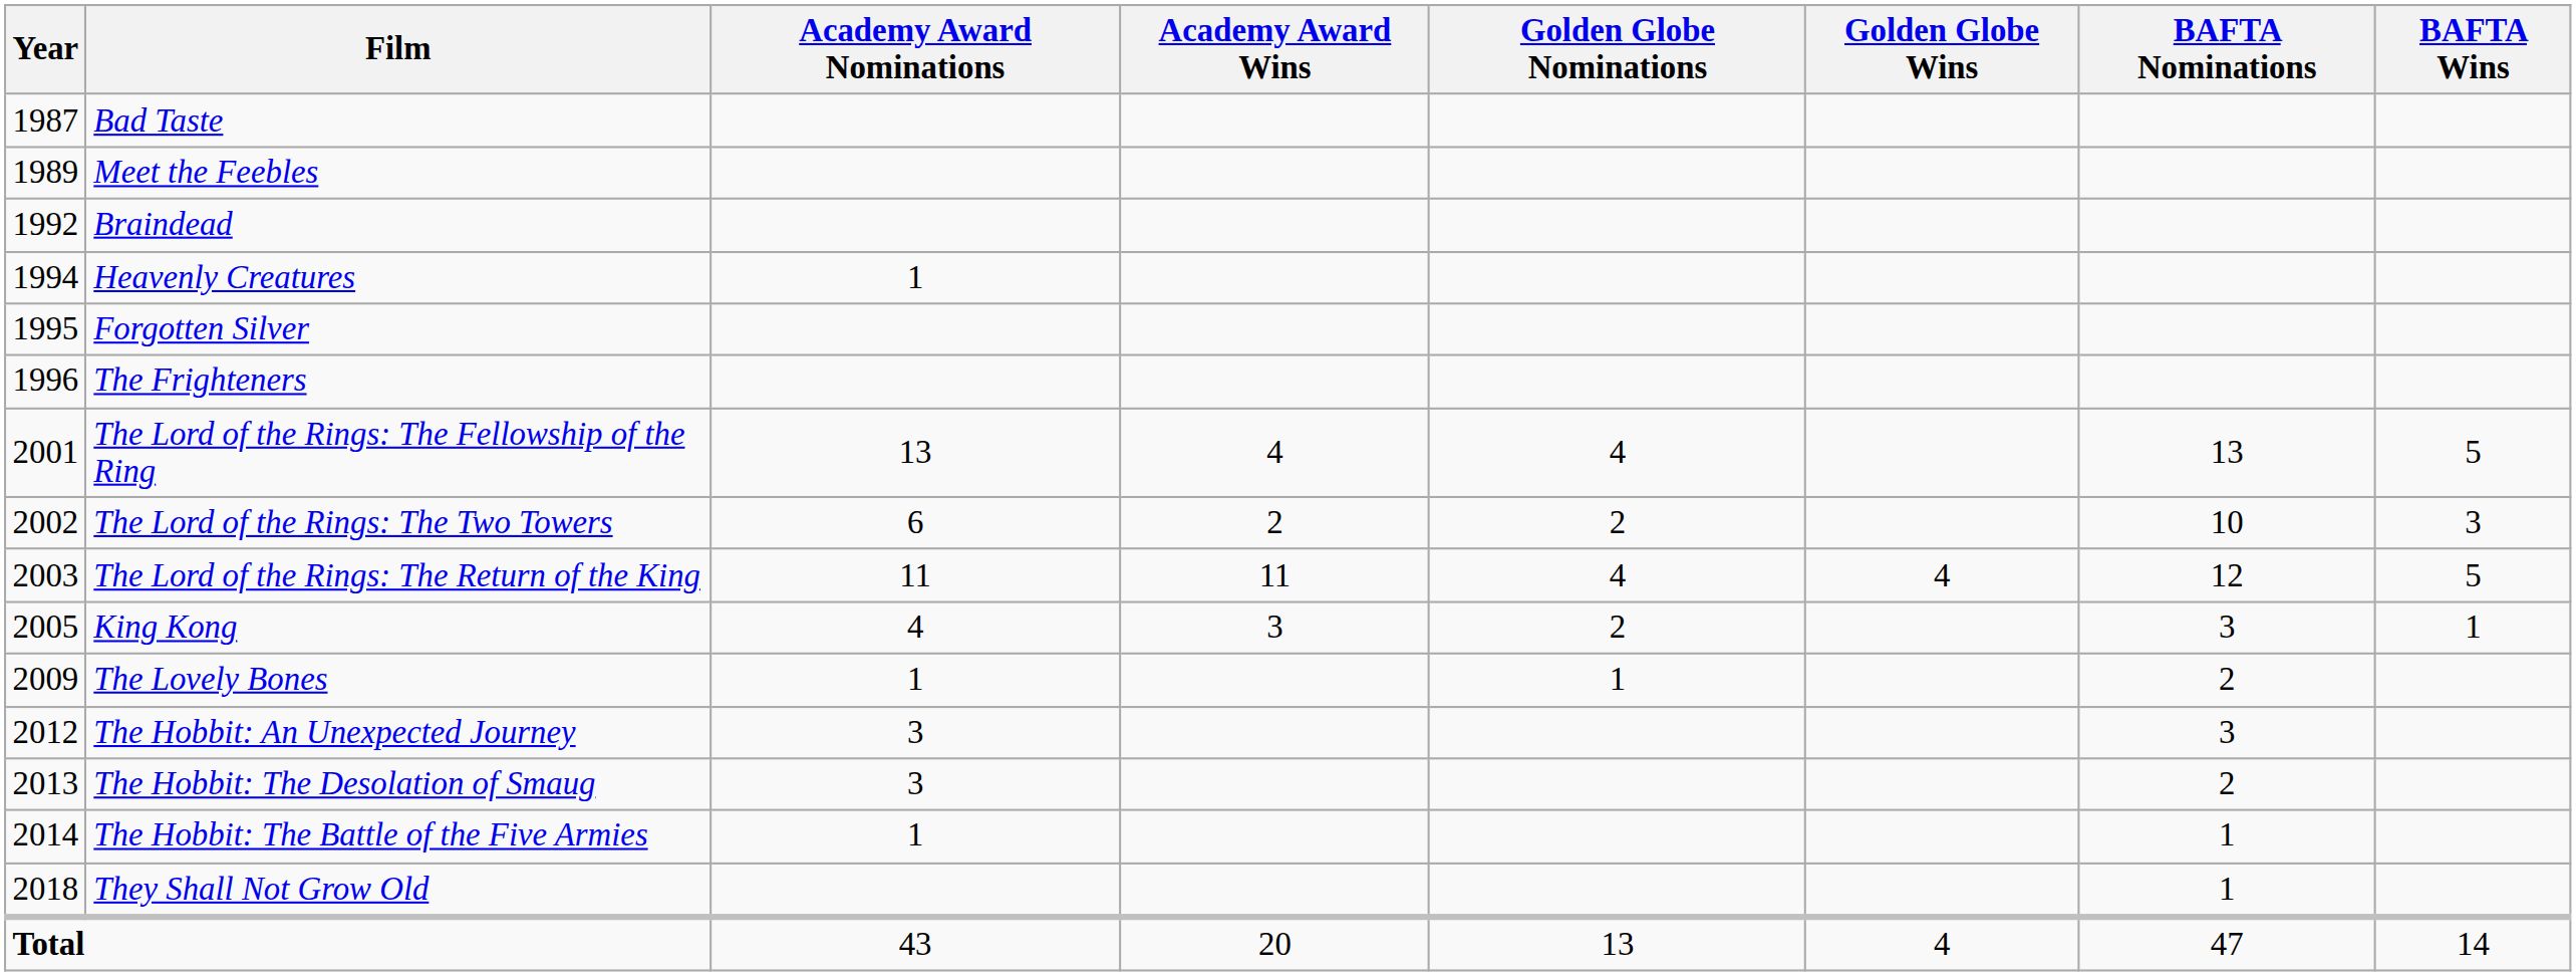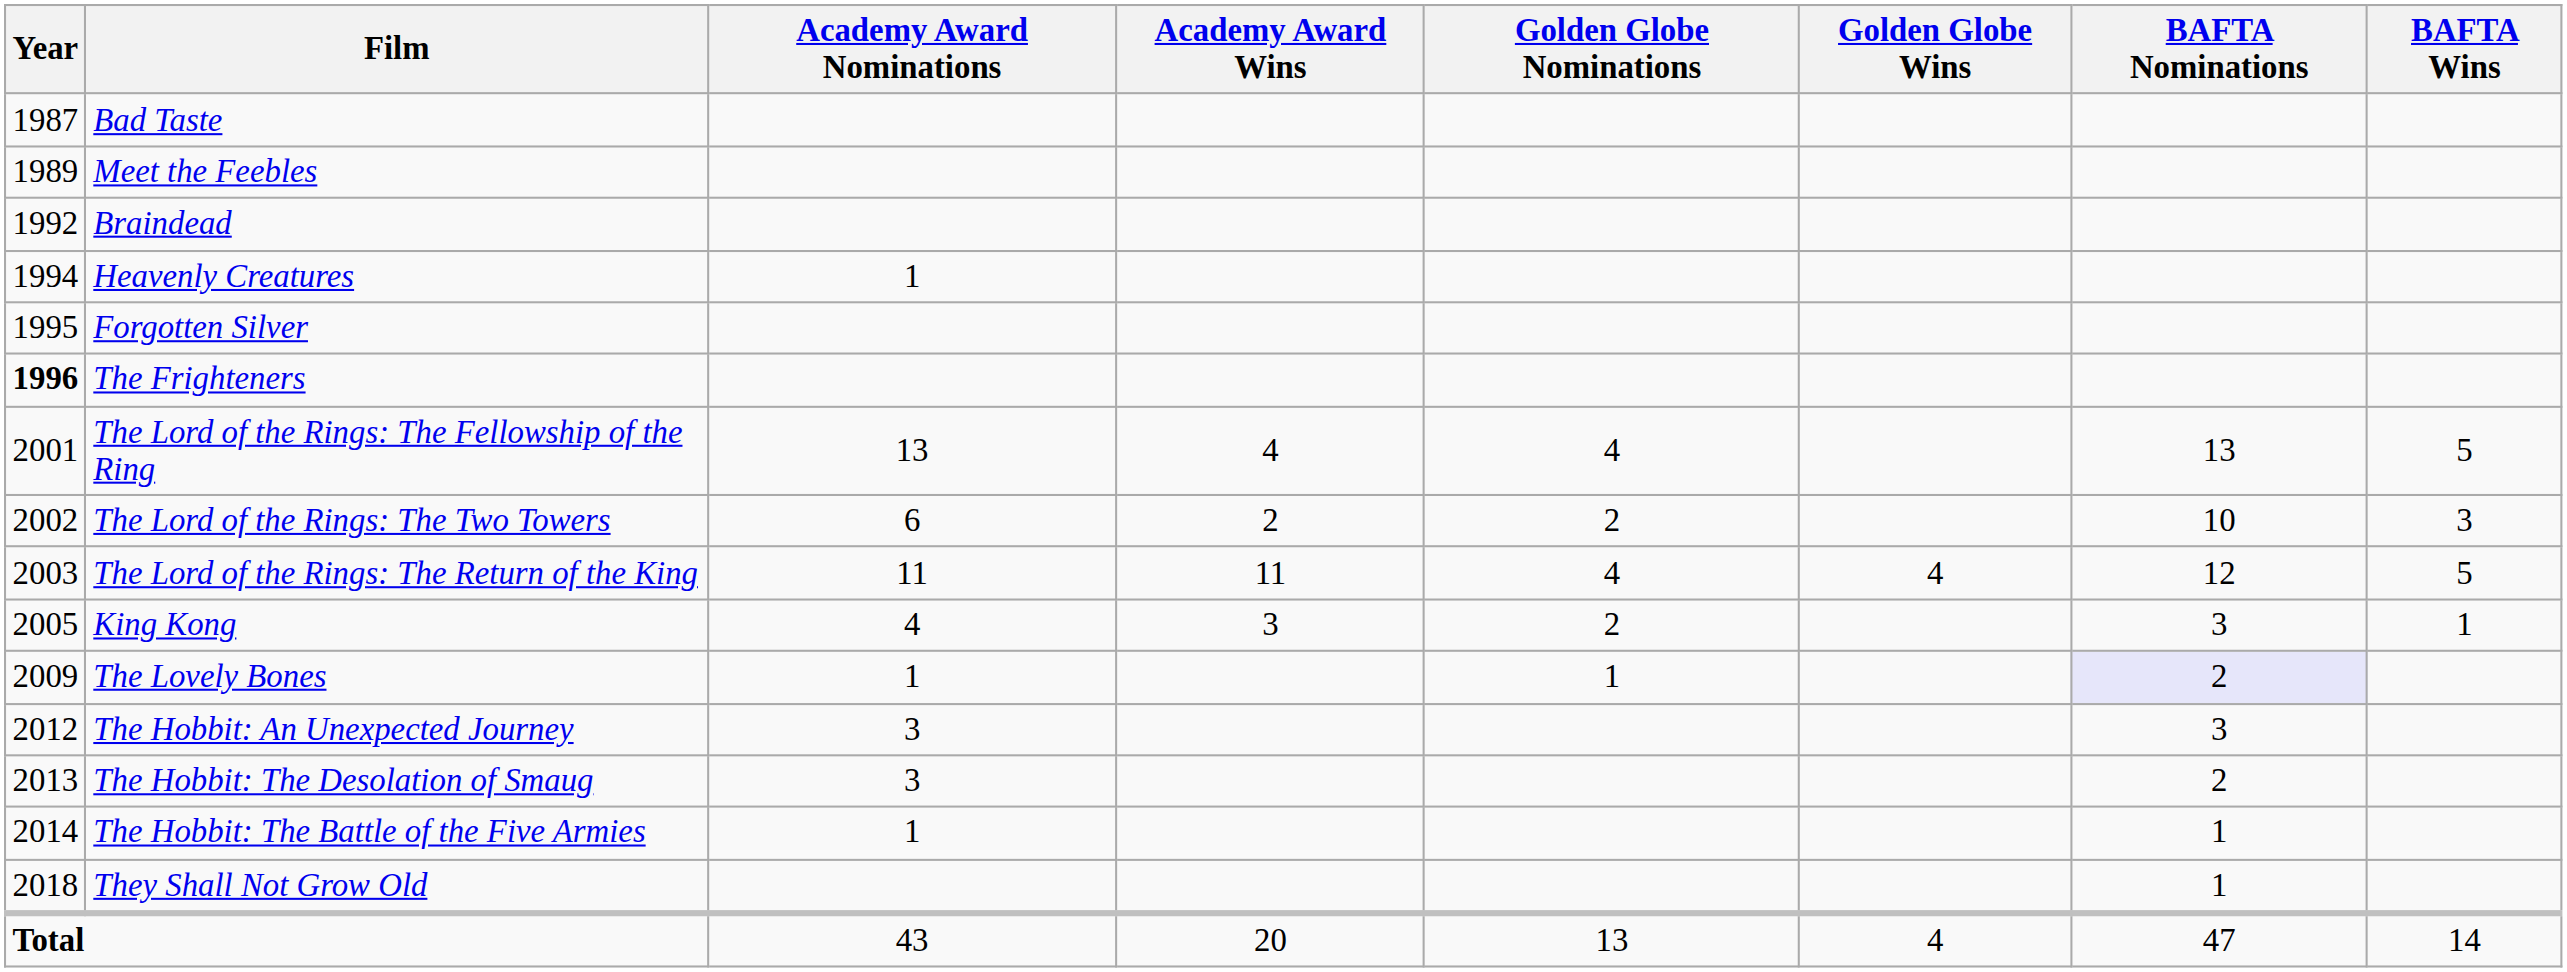 <table class="wikitable sortable">
 <tr>
 <th>Year</th>
 <th>Film</th>
 <th><a href='#'>Academy Award</a> Nominations</th>
 <th><a href='#'>Academy Award</a> Wins</th>
 <th><a href='#'>Golden Globe</a> Nominations</th>
 <th><a href='#'>Golden Globe</a> Wins</th>
 <th><a href='#'>BAFTA</a> Nominations</th>
 <th><a href='#'>BAFTA</a> Wins</th>
 </tr>
 <tr>
 <td>1987</td>
 <td><em><a href='#'>Bad Taste</a></em></td>
 <td></td>
 <td></td>
 <td></td>
 <td></td>
 <td></td>
 <td></td>
 </tr>
 <tr>
 <td>1989</td>
 <td><em><a href='#'>Meet the Feebles</a></em></td>
 <td></td>
 <td></td>
 <td></td>
 <td></td>
 <td></td>
 <td></td>
 </tr>
 <tr>
 <td>1992</td>
 <td><em><a href='#'>Braindead</a></em></td>
 <td align=center></td>
 <td align=center></td>
 <td align=center></td>
 <td align=center></td>
 <td align=center></td>
 <td align=center></td>
 </tr>
 <tr>
 <td>1994</td>
 <td><em><a href='#'>Heavenly Creatures</a></em></td>
 <td align=center>1</td>
 <td></td>
 <td align=center></td>
 <td></td>
 <td align=center></td>
 <td></td>
 </tr>
 <tr>
 <td>1995</td>
 <td><em><a href='#'>Forgotten Silver</a></em></td>
 <td align=center></td>
 <td align=center></td>
 <td align=center></td>
 <td align=center></td>
 <td align=center></td>
 <td align=center></td>
 </tr>
 <tr>
-<td>1996</td>
+<td><strong>1996</strong></td>
 <td><em><a href='#'>The Frighteners</a></em></td>
 <td align=center></td>
 <td align=center></td>
 <td align=center></td>
 <td align=center></td>
 <td align=center></td>
 <td align=center></td>
 </tr>
 <tr>
 <td>2001</td>
 <td><em><a href='#'>The Lord of the Rings: The Fellowship of the Ring</a></em></td>
 <td align=center>13</td>
 <td align=center>4</td>
 <td align=center>4</td>
 <td align=center></td>
 <td align=center>13</td>
 <td align=center>5</td>
 </tr>
 <tr>
 <td>2002</td>
 <td><em><a href='#'>The Lord of the Rings: The Two Towers</a></em></td>
 <td align=center>6</td>
 <td align=center>2</td>
 <td align=center>2</td>
 <td align=center></td>
 <td align=center>10</td>
 <td align=center>3</td>
 </tr>
 <tr>
 <td>2003</td>
 <td><em><a href='#'>The Lord of the Rings: The Return of the King</a></em></td>
 <td align=center>11</td>
 <td align=center>11</td>
 <td align=center>4</td>
 <td align=center>4</td>
 <td align=center>12</td>
 <td align=center>5</td>
 </tr>
 <tr>
 <td>2005</td>
 <td><em><a href='#'>King Kong</a></em></td>
 <td align=center>4</td>
 <td align=center>3</td>
 <td align=center>2</td>
 <td align=center></td>
 <td align=center>3</td>
 <td align=center>1</td>
 </tr>
 <tr>
 <td>2009</td>
 <td><em><a href='#'>The Lovely Bones</a></em></td>
 <td align=center>1</td>
 <td align=center></td>
 <td align=center>1</td>
 <td align=center></td>
-<td align=center>2</td>
+<td align=center style="background: lavender;">2</td>
 <td align=center></td>
 </tr>
 <tr>
 <td>2012</td>
 <td><em><a href='#'>The Hobbit: An Unexpected Journey</a></em></td>
 <td align=center>3</td>
 <td align=center></td>
 <td align=center></td>
 <td align=center></td>
 <td align=center>3</td>
 <td align=center></td>
 </tr>
 <tr>
 <td>2013</td>
 <td><em><a href='#'>The Hobbit: The Desolation of Smaug</a></em></td>
 <td align=center>3</td>
 <td align=center></td>
 <td align=center></td>
 <td align=center></td>
 <td align=center>2</td>
 <td align=center></td>
 </tr>
 <tr>
 <td>2014</td>
 <td><em><a href='#'>The Hobbit: The Battle of the Five Armies</a></em></td>
 <td align=center>1</td>
 <td align=center></td>
 <td align=center></td>
 <td align=center></td>
 <td align=center>1</td>
 <td align=center></td>
 </tr>
 <tr>
 <td>2018</td>
 <td><em><a href='#'>They Shall Not Grow Old</a></em></td>
 <td></td>
 <td></td>
 <td></td>
 <td></td>
 <td align=center>1</td>
 <td align=center></td>
 </tr>
 <tr style="border-top: 3px solid silver;">
 <td colspan="2"><strong>Total</strong></td>
 <td align=center>43</td>
 <td align=center>20</td>
 <td align=center>13</td>
 <td align=center>4</td>
 <td align=center>47</td>
 <td align=center>14</td>
 </tr>
 </table>
